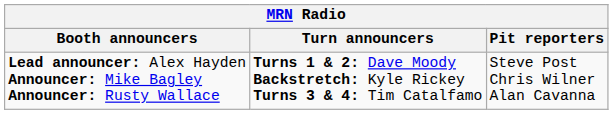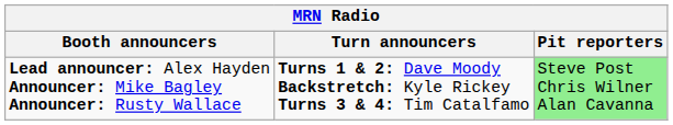 <table class="wikitable" style="font-size: 95%;">
 <tr>
 <th colspan="3"><a href='#'>MRN</a> Radio</th>
 </tr>
 <tr>
 <th>Booth announcers</th>
 <th>Turn announcers</th>
 <th>Pit reporters</th>
 </tr>
 <tr>
 <td><strong>Lead announcer:</strong> Alex Hayden<br><strong>Announcer:</strong> <a href='#'>Mike Bagley</a><br><strong>Announcer:</strong> <a href='#'>Rusty Wallace</a></td>
 <td><strong>Turns 1 & 2:</strong> <a href='#'>Dave Moody</a><br><strong>Backstretch:</strong> Kyle Rickey<br><strong>Turns 3 & 4:</strong> Tim Catalfamo</td>
-<td>Steve Post<br>Chris Wilner<br>Alan Cavanna</td>
+<td style="background: lightgreen;">Steve Post<br>Chris Wilner<br>Alan Cavanna</td>
 </tr>
 </table>
